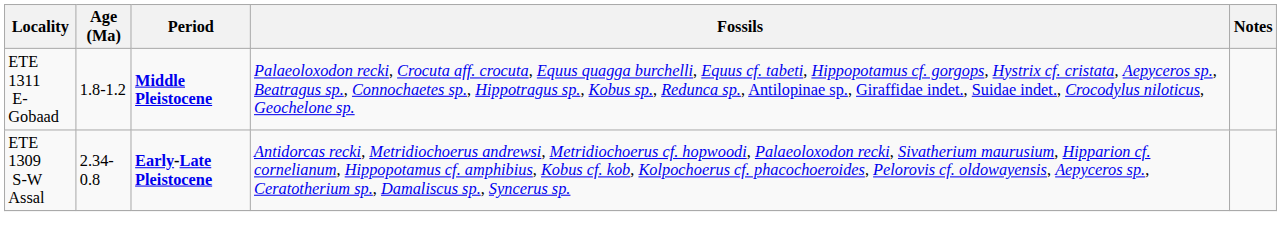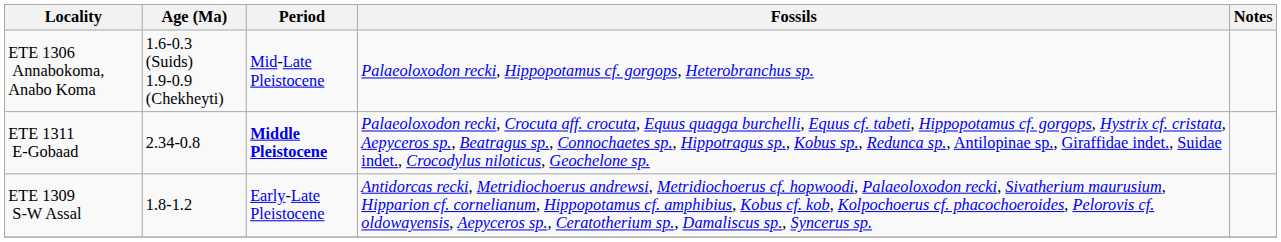 <table class="wikitable sortable">
 <tr>
 <th>Locality</th>
 <th>Age (Ma)</th>
 <th>Period</th>
 <th>Fossils</th>
 <th class="unsortable">Notes</th>
 </tr>
 <tr>
+<td>ETE 1306<br> Annabokoma, Anabo Koma</td>
+<td>1.6-0.3 (Suids)<br>1.9-0.9 (Chekheyti)</td>
+<td style="background-color: "><a href='#'>Mid</a>-<a href='#'>Late Pleistocene</a></td>
+<td><em><a href='#'>Palaeoloxodon recki</a></em>, <em><a href='#'>Hippopotamus cf. gorgops</a></em>, <em><a href='#'>Heterobranchus sp.</a></em></td>
+<td align=center></td>
+</tr>
+<tr>
 <td>ETE 1311<br> E-Gobaad</td>
-<td>1.8-1.2</td>
+<td>2.34-0.8</td>
 <td style="background-color: "><strong><a href='#'>Middle Pleistocene</a></strong></td>
 <td><em><a href='#'>Palaeoloxodon recki</a></em>, <em><a href='#'>Crocuta aff. crocuta</a></em>, <em><a href='#'>Equus quagga burchelli</a></em>, <em><a href='#'>Equus cf. tabeti</a></em>, <em><a href='#'>Hippopotamus cf. gorgops</a></em>, <em><a href='#'>Hystrix cf. cristata</a></em>, <em><a href='#'>Aepyceros sp.</a></em>, <em><a href='#'>Beatragus sp.</a></em>, <em><a href='#'>Connochaetes sp.</a></em>, <em><a href='#'>Hippotragus sp.</a></em>, <em><a href='#'>Kobus sp.</a></em>, <em><a href='#'>Redunca sp.</a></em>, <a href='#'>Antilopinae sp.</a>, <a href='#'>Giraffidae indet.</a>, <a href='#'>Suidae indet.</a>, <em><a href='#'>Crocodylus niloticus</a></em>, <em><a href='#'>Geochelone sp.</a></em></td>
 <td align=center></td>
 </tr>
 <tr>
 <td>ETE 1309<br> S-W Assal</td>
-<td>2.34-0.8</td>
-<td style="background-color: "><strong><a href='#'>Early</a>-<a href='#'>Late Pleistocene</a></strong></td>
+<td>1.8-1.2</td>
+<td style="background-color: "><a href='#'>Early</a>-<a href='#'>Late Pleistocene</a></td>
 <td><em><a href='#'>Antidorcas recki</a></em>, <em><a href='#'>Metridiochoerus andrewsi</a></em>, <em><a href='#'>Metridiochoerus cf. hopwoodi</a></em>, <em><a href='#'>Palaeoloxodon recki</a></em>, <em><a href='#'>Sivatherium maurusium</a></em>, <em><a href='#'>Hipparion cf. cornelianum</a></em>, <em><a href='#'>Hippopotamus cf. amphibius</a></em>, <em><a href='#'>Kobus cf. kob</a></em>, <em><a href='#'>Kolpochoerus cf. phacochoeroides</a></em>, <em><a href='#'>Pelorovis cf. oldowayensis</a></em>, <em><a href='#'>Aepyceros sp.</a></em>, <em><a href='#'>Ceratotherium sp.</a></em>, <em><a href='#'>Damaliscus sp.</a></em>, <em><a href='#'>Syncerus sp.</a></em></td>
 <td align=center></td>
 </tr>
 <tr>
 </tr>
 </table>
